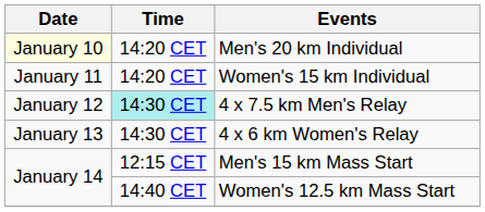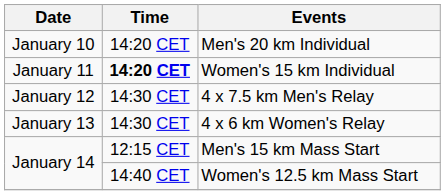 <table class="wikitable" style="text-align: center" width="420">
 <tr>
 <th>Date</th>
 <th>Time</th>
 <th>Events</th>
 </tr>
 <tr>
-<td style="background: lightyellow;">January 10</td>
+<td>January 10</td>
 <td>14:20 <a href='#'>CET</a></td>
 <td style="text-align: left">Men's 20 km Individual</td>
 </tr>
 <tr>
 <td>January 11</td>
-<td>14:20 <a href='#'>CET</a></td>
+<td><strong>14:20 <a href='#'>CET</a></strong></td>
 <td style="text-align: left">Women's 15 km Individual</td>
 </tr>
 <tr>
 <td>January 12</td>
-<td style="background: paleturquoise;">14:30 <a href='#'>CET</a></td>
+<td>14:30 <a href='#'>CET</a></td>
 <td style="text-align: left">4 x 7.5 km Men's Relay</td>
 </tr>
 <tr>
 <td>January 13</td>
 <td>14:30 <a href='#'>CET</a></td>
 <td style="text-align: left">4 x 6 km Women's Relay</td>
 </tr>
 <tr>
 <td rowspan=2>January 14</td>
 <td>12:15 <a href='#'>CET</a></td>
 <td style="text-align: left">Men's 15 km Mass Start</td>
 </tr>
 <tr>
 <td>14:40 <a href='#'>CET</a></td>
 <td style="text-align: left">Women's 12.5 km Mass Start</td>
 </tr>
 <tr>
 </tr>
 </table>
